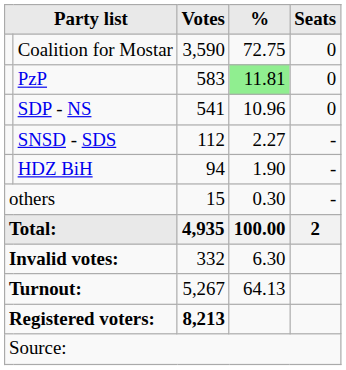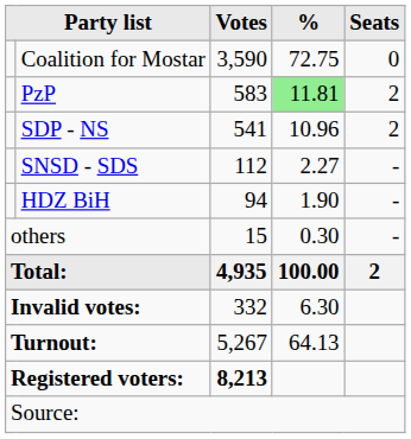 <table class="wikitable" border="1">
 <tr>
 <th colspan="2" align="center" style="background-color:#E9E9E9">Party list</th>
 <th align="center" style="background-color:#E9E9E9">Votes</th>
 <th align="center" style="background-color:#E9E9E9">%</th>
 <th align="center" style="background-color:#E9E9E9">Seats</th>
 </tr>
 <tr>
 <td></td>
 <td align="left">Coalition for Mostar</td>
 <td align="right">3,590</td>
 <td align="right">72.75</td>
 <td align="right">0</td>
 </tr>
 <tr>
 <td></td>
 <td align="left"><a href='#'>PzP</a></td>
 <td align="right">583</td>
 <td align="right" style="background: lightgreen;">11.81</td>
-<td align="right">0</td>
+<td align="right">2</td>
 </tr>
 <tr>
 <td></td>
 <td align="left"><a href='#'>SDP</a> - <a href='#'>NS</a></td>
 <td align="right">541</td>
 <td align="right">10.96</td>
-<td align="right">0</td>
+<td align="right">2</td>
 </tr>
 <tr>
 <td></td>
 <td align="left"><a href='#'>SNSD</a> - <a href='#'>SDS</a></td>
 <td align="right">112</td>
 <td align="right">2.27</td>
 <td align="right">-</td>
 </tr>
 <tr>
 <td></td>
 <td align="left"><a href='#'>HDZ BiH</a></td>
 <td align="right">94</td>
 <td align="right">1.90</td>
 <td align="right">-</td>
 </tr>
 <tr>
 <td colspan="2">others</td>
 <td align="right">15</td>
 <td align="right">0.30</td>
 <td align="right">-</td>
 </tr>
 <tr style="background-color:#E9E9E9">
 <td colspan="2" align="left"><strong>Total:</strong></td>
 <th align="right">4,935</th>
 <th align="right">100.00</th>
 <th align="right">2</th>
 </tr>
 <tr>
 <td colspan="2" align="left"><strong>Invalid votes:</strong></td>
 <td align="right">332</td>
 <td align="right">6.30</td>
 <td align="right"></td>
 </tr>
 <tr>
 <td colspan="2" align="left"><strong>Turnout:</strong></td>
 <td align="right">5,267</td>
 <td align="right">64.13</td>
 <td align="right"></td>
 </tr>
 <tr>
 <td colspan="2" align="left"><strong>Registered voters:</strong></td>
 <td align="right"><strong>8,213</strong></td>
 <td align="right"></td>
 <td align="right"></td>
 </tr>
 <tr>
 <td colspan="5" align="left">Source: </td>
 </tr>
 </table>
